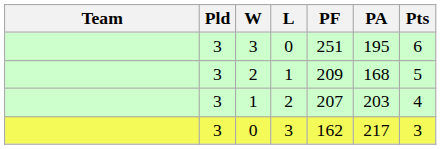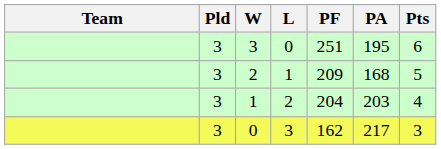 <table class="wikitable" style="text-align:center;">
 <tr>
 <th width=170>Team</th>
 <th width=25>Pld</th>
 <th width=25>W</th>
 <th width=25>L</th>
 <th width=35>PF</th>
 <th width=35>PA</th>
 <th width=25>Pts</th>
 </tr>
 <tr bgcolor=#ccffcc>
 <td align="left"></td>
 <td>3</td>
 <td>3</td>
 <td>0</td>
 <td>251</td>
 <td>195</td>
 <td>6</td>
 </tr>
 <tr bgcolor=#ccffcc>
 <td align="left"></td>
 <td>3</td>
 <td>2</td>
 <td>1</td>
 <td>209</td>
 <td>168</td>
 <td>5</td>
 </tr>
 <tr bgcolor=#ccffcc>
 <td align="left"></td>
 <td>3</td>
 <td>1</td>
 <td>2</td>
-<td>207</td>
+<td>204</td>
 <td>203</td>
 <td>4</td>
 </tr>
 <tr bgcolor=#F4FA58>
 <td align="left"></td>
 <td>3</td>
 <td>0</td>
 <td>3</td>
 <td>162</td>
 <td>217</td>
 <td>3</td>
 </tr>
 </table>
